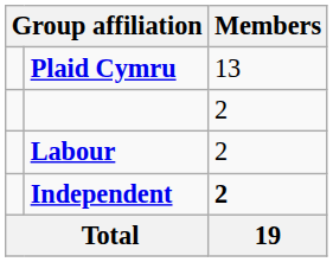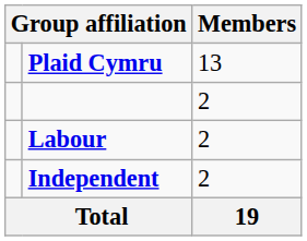 <table class="wikitable">
 <tr>
 <th colspan="2">Group affiliation</th>
 <th valign="top">Members</th>
 </tr>
 <tr>
 <td style="background-color:"> </td>
 <td><strong><a href='#'>Plaid Cymru</a></strong></td>
 <td>13</td>
 </tr>
 <tr>
 <td style="width: 4px" bgcolor=></td>
 <td style="text-align: left;" scope="row"><strong><a href='#'></a></strong></td>
 <td>2</td>
 </tr>
 <tr>
 <td style="background-color:"> </td>
 <td><strong><a href='#'>Labour</a></strong></td>
 <td>2</td>
 </tr>
 <tr>
 <td style="background-color:"> </td>
 <td><strong><a href='#'>Independent</a></strong></td>
-<td><strong>2</strong></td>
+<td>2</td>
 </tr>
 <tr>
 <th colspan="2" rowspan="1"> Total<br></th>
 <th>19</th>
 </tr>
 </table>
